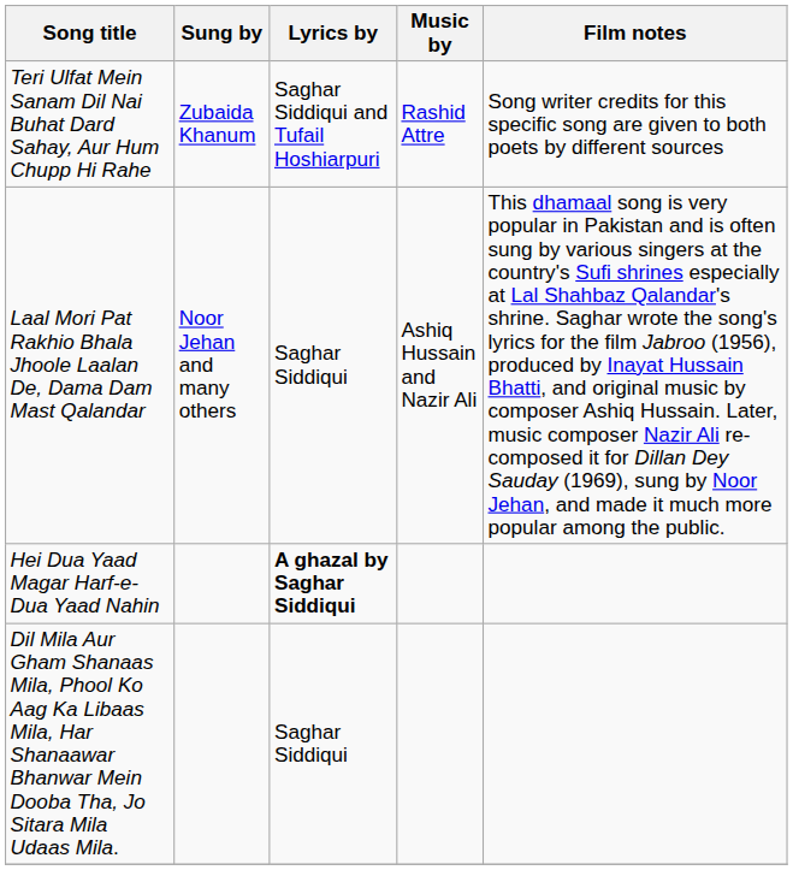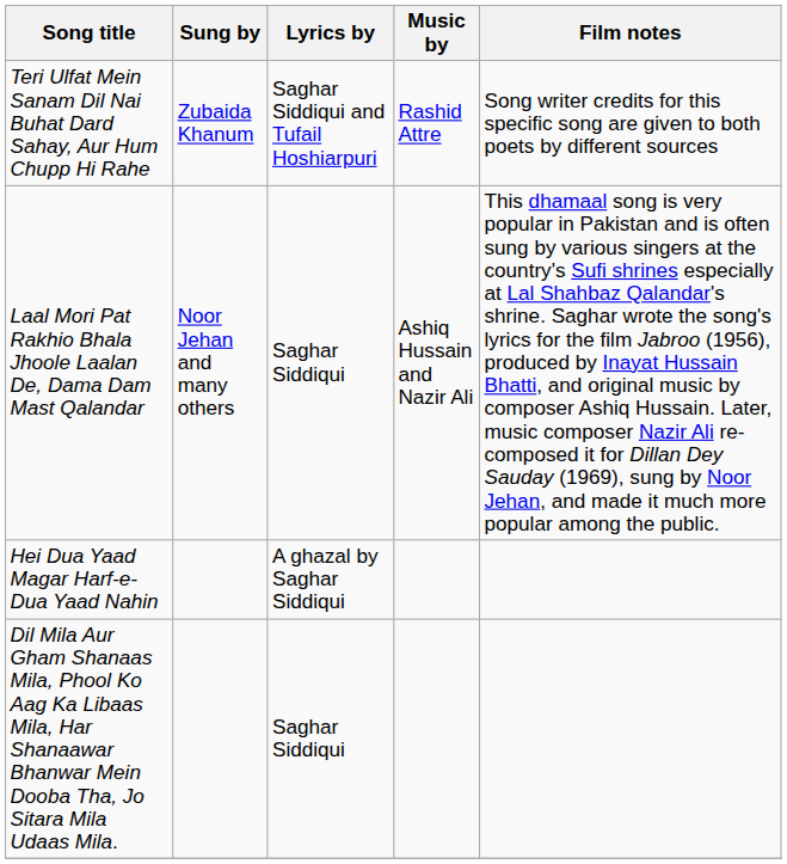 <table Class = "wikitable">
 <tr>
 <th>Song title</th>
 <th>Sung by</th>
 <th>Lyrics by</th>
 <th>Music by</th>
 <th>Film notes</th>
 </tr>
 <tr>
 <td><em>Teri Ulfat Mein Sanam Dil Nai Buhat Dard Sahay, Aur Hum Chupp Hi Rahe</em></td>
 <td><a href='#'>Zubaida Khanum</a></td>
 <td>Saghar Siddiqui and <a href='#'>Tufail Hoshiarpuri</a></td>
 <td><a href='#'>Rashid Attre</a></td>
 <td>Song writer credits for this specific song are given to both poets by different sources</td>
 </tr>
 <tr>
 <td><em>Laal Mori Pat Rakhio Bhala Jhoole Laalan De, Dama Dam Mast Qalandar</em></td>
 <td><a href='#'>Noor Jehan</a> and many others</td>
 <td>Saghar Siddiqui</td>
 <td>Ashiq Hussain<br>and <br>Nazir Ali</td>
 <td>This <a href='#'>dhamaal</a> song is very popular in Pakistan and is often sung by various singers at the country's <a href='#'>Sufi shrines</a> especially at <a href='#'>Lal Shahbaz Qalandar</a>'s shrine. Saghar wrote the song's lyrics for the film <em>Jabroo</em> (1956), produced by <a href='#'>Inayat Hussain Bhatti</a>, and original music by composer Ashiq Hussain. Later, music composer <a href='#'>Nazir Ali</a> re-composed it for <em>Dillan Dey Sauday</em> (1969), sung by <a href='#'>Noor Jehan</a>, and made it much more popular among the public.</td>
 </tr>
 <tr>
 <td><em>Hei Dua Yaad Magar Harf-e-Dua Yaad Nahin</em></td>
 <td></td>
-<td><strong>A ghazal by Saghar Siddiqui</strong></td>
+<td>A ghazal by Saghar Siddiqui</td>
 <td></td>
 </tr>
 <tr>
 <td><em>Dil Mila Aur Gham Shanaas Mila, Phool Ko Aag Ka Libaas Mila, Har Shanaawar Bhanwar Mein Dooba Tha, Jo Sitara Mila Udaas Mila</em>.</td>
 <td></td>
 <td>Saghar Siddiqui</td>
 <td></td>
 <td></td>
 </tr>
 <tr>
 </tr>
 </table>
